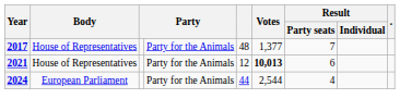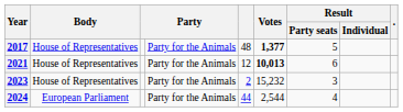 <table class="wikitable plainrowheaders sortable" border=2 cellpadding=4 cellspacing=0 style="border: 1px #aaa solid; font-size: 90%; text-align:center;">
 <tr>
 <th scope="col" rowspan=2>Year</th>
 <th scope="col" rowspan=2>Body</th>
 <th scope="col" colspan=2 rowspan=2>Party</th>
 <th scope="col" rowspan=2></th>
 <th scope="col" rowspan=2>Votes</th>
 <th scope="colgroup" colspan=2>Result</th>
 <th scope="col" rowspan=2 class="unsortable">.</th>
 </tr>
 <tr>
 <th scope="col">Party seats</th>
 <th scope="col">Individual</th>
 </tr>
 <tr>
 <th scope="row"><a href='#'>2017</a></th>
 <td><a href='#'>House of Representatives</a></td>
 <td style="background-color:"></td>
 <td><a href='#'>Party for the Animals</a></td>
 <td style=text-align:right>48</td>
-<td style=text-align:right>1,377</td>
-<td style=text-align:right>7</td>
+<td style=text-align:right><strong>1,377</strong></td>
+<td style=text-align:right>5</td>
 <td></td>
 <td></td>
 </tr>
 <tr>
 <th scope="row"><a href='#'>2021</a></th>
 <td>House of Representatives</td>
 <td style="background-color:"></td>
 <td>Party for the Animals</td>
 <td style=text-align:right>12</td>
 <td style=text-align:right><strong>10,013</strong></td>
 <td style=text-align:right>6</td>
 <td></td>
 <td></td>
 </tr>
 <tr>
+<th scope="row"><a href='#'>2023</a></th>
+<td>House of Representatives</td>
+<td style="background-color:"></td>
+<td>Party for the Animals</td>
+<td style=text-align:right><a href='#'>2</a></td>
+<td style=text-align:right>15,232</td>
+<td style=text-align:right>3</td>
+<td></td>
+<td></td>
+</tr>
+<tr>
 <th scope="row"><a href='#'>2024</a></th>
 <td><a href='#'>European Parliament</a></td>
 <td style="background-color:"></td>
 <td>Party for the Animals</td>
 <td style=text-align:right><a href='#'>44</a></td>
 <td style=text-align:right>2,544</td>
 <td style=text-align:right>4</td>
 <td></td>
 <td></td>
 </tr>
 </table>
